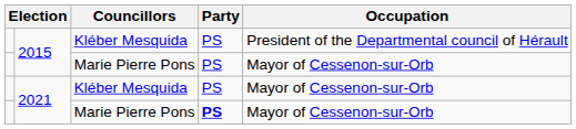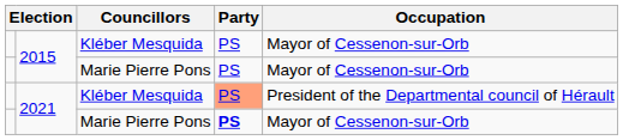 <table class="wikitable">
 <tr>
 <th colspan="2">Election</th>
 <th>Councillors</th>
 <th>Party</th>
 <th>Occupation</th>
 </tr>
 <tr>
 <td style="background-color: "></td>
 <td rowspan="2"><a href='#'>2015</a></td>
 <td><a href='#'>Kléber Mesquida</a></td>
 <td><a href='#'>PS</a></td>
-<td>President of the <a href='#'>Departmental council</a> of <a href='#'>Hérault</a></td>
+<td>Mayor of <a href='#'>Cessenon-sur-Orb</a></td>
 </tr>
 <tr>
 <td style="background-color: "></td>
 <td>Marie Pierre Pons</td>
 <td><a href='#'>PS</a></td>
 <td>Mayor of <a href='#'>Cessenon-sur-Orb</a></td>
 </tr>
 <tr>
 <td style="background-color: "></td>
 <td rowspan="2"><a href='#'>2021</a></td>
 <td><a href='#'>Kléber Mesquida</a></td>
-<td><a href='#'>PS</a></td>
-<td>Mayor of <a href='#'>Cessenon-sur-Orb</a></td>
+<td style="background: lightsalmon;"><a href='#'>PS</a></td>
+<td>President of the <a href='#'>Departmental council</a> of <a href='#'>Hérault</a></td>
 </tr>
 <tr>
 <td style="background-color: "></td>
 <td>Marie Pierre Pons</td>
 <td><strong><a href='#'>PS</a></strong></td>
 <td>Mayor of <a href='#'>Cessenon-sur-Orb</a></td>
 </tr>
 </table>
